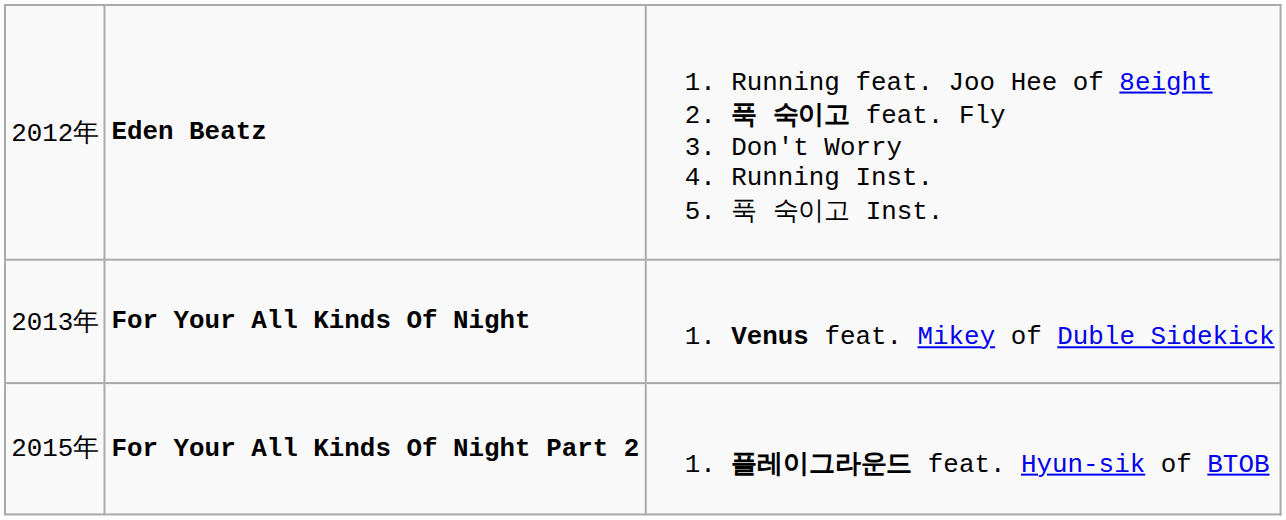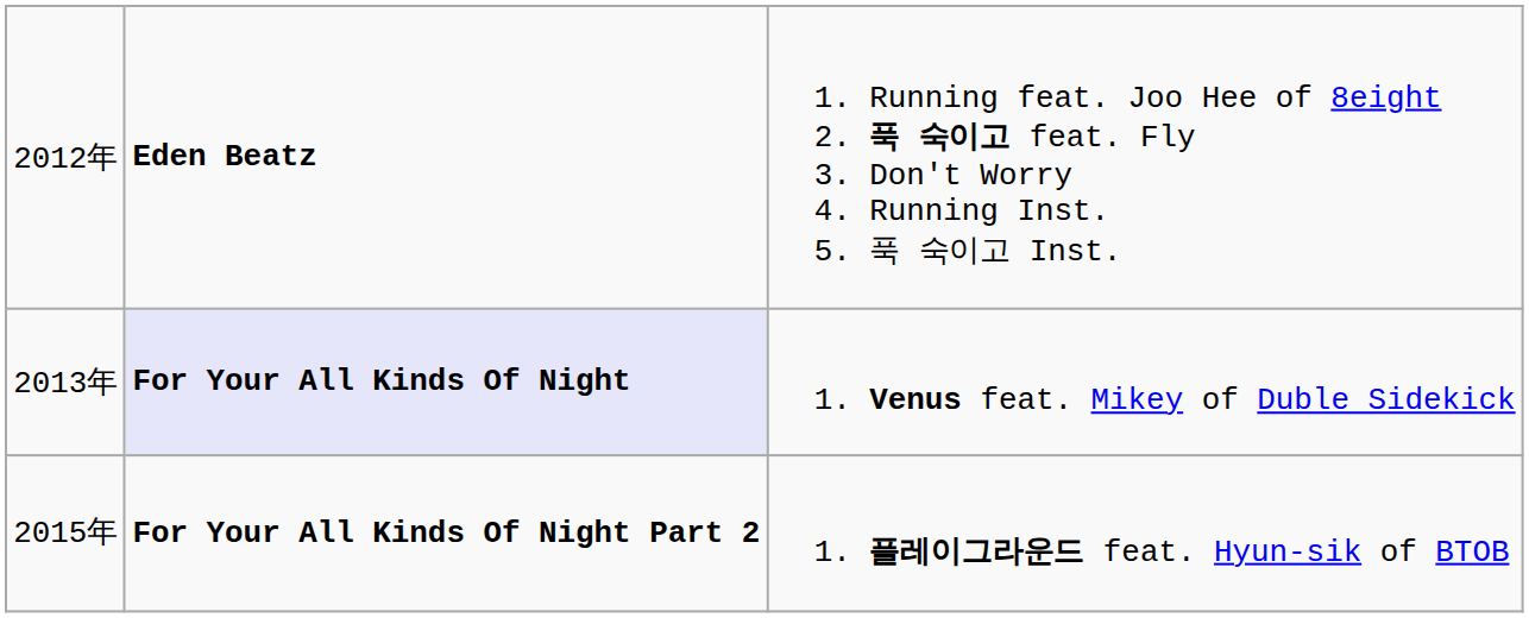 <table class="wikitable">
 <tr>
 <td>2012年</td>
 <td><strong>Eden Beatz</strong></td>
 <td><br><ol><li>Running feat. Joo Hee of <a href='#'>8eight</a></li><li><strong>푹 숙이고</strong> feat. Fly</li><li>Don't Worry</li><li>Running Inst.</li><li>푹 숙이고 Inst.</li></ol></td>
 </tr>
 <tr>
 <td>2013年</td>
-<td><strong>For Your All Kinds Of Night</strong></td>
+<td style="background: lavender;"><strong>For Your All Kinds Of Night</strong></td>
 <td><br><ol><li><strong>Venus</strong> feat. <a href='#'>Mikey</a> of <a href='#'>Duble Sidekick</a></li></ol></td>
 </tr>
 <tr>
 <td>2015年</td>
 <td><strong>For Your All Kinds Of Night Part 2</strong></td>
 <td><br><ol><li><strong>플레이그라운드</strong> feat. <a href='#'>Hyun-sik</a> of <a href='#'>BTOB</a></li></ol></td>
 </tr>
 </table>
